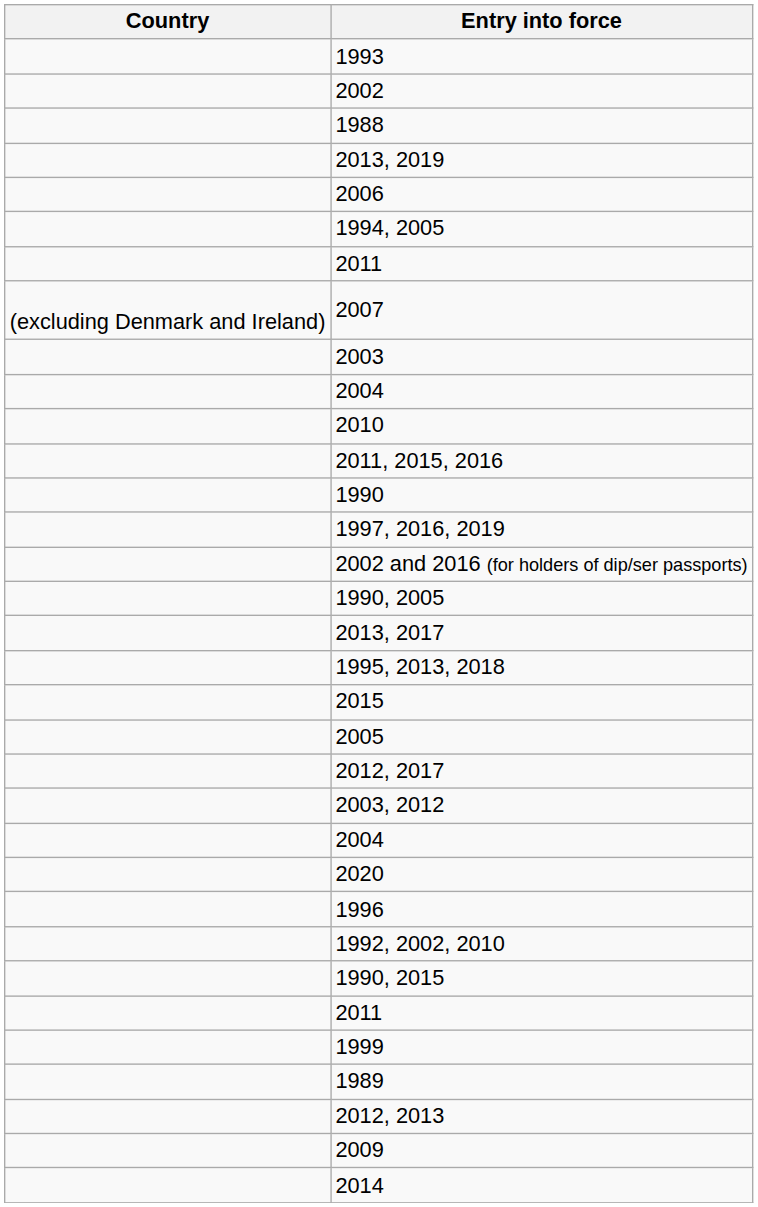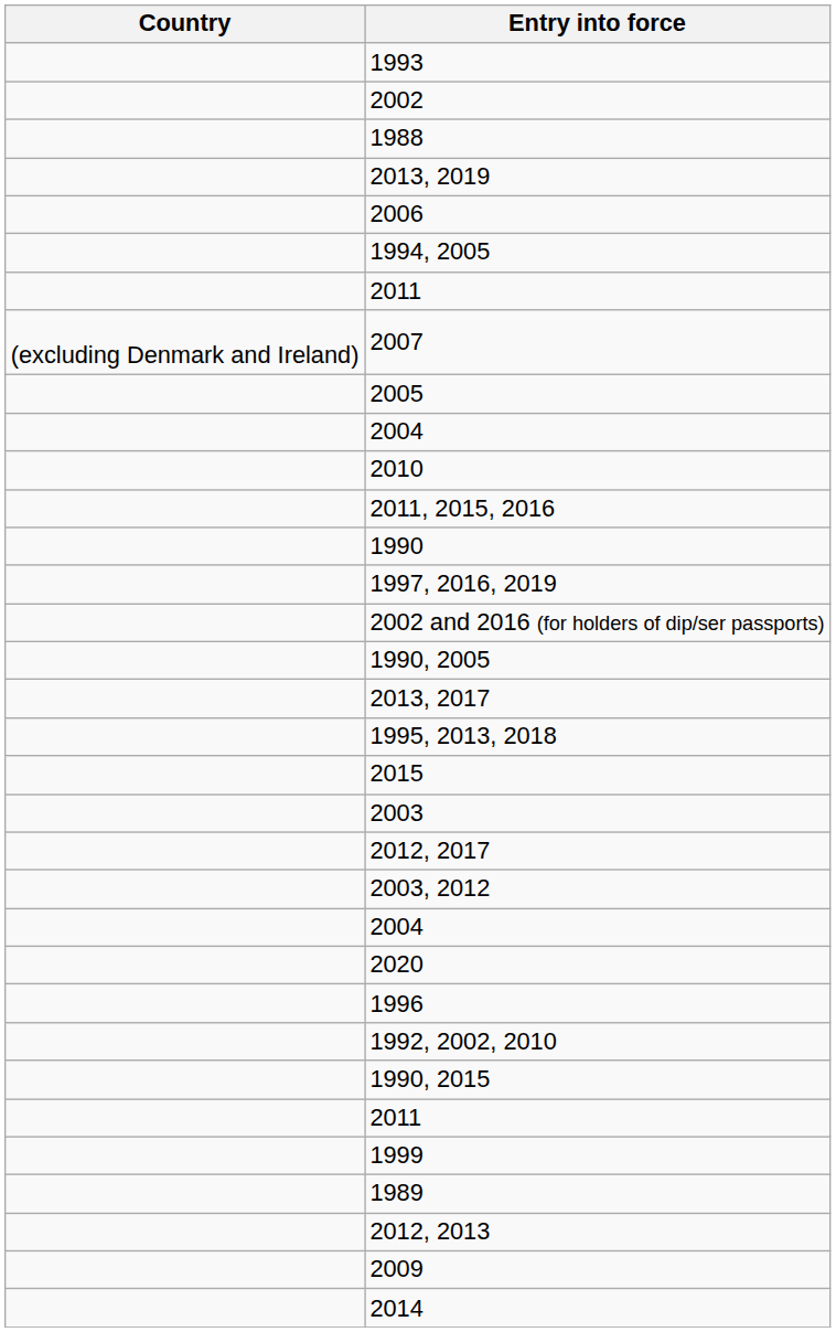 <table class="wikitable collapsible collapsed">
 <tr>
 <th>Country</th>
 <th>Entry into force</th>
 </tr>
 <tr>
 <td></td>
 <td>1993</td>
 </tr>
 <tr>
 <td></td>
 <td>2002</td>
 </tr>
 <tr>
 <td></td>
 <td>1988</td>
 </tr>
 <tr>
 <td></td>
 <td>2013, 2019</td>
 </tr>
 <tr>
 <td></td>
 <td>2006</td>
 </tr>
 <tr>
 <td></td>
 <td>1994, 2005</td>
 </tr>
 <tr>
 <td></td>
 <td>2011</td>
 </tr>
 <tr>
 <td><br>(excluding Denmark and Ireland)</td>
 <td>2007</td>
 </tr>
 <tr>
 <td></td>
-<td>2003</td>
+<td>2005</td>
 </tr>
 <tr>
 <td></td>
 <td>2004</td>
 </tr>
 <tr>
 <td></td>
 <td>2010</td>
 </tr>
 <tr>
 <td></td>
 <td>2011, 2015, 2016</td>
 </tr>
 <tr>
 <td></td>
 <td>1990</td>
 </tr>
 <tr>
 <td></td>
 <td>1997, 2016, 2019</td>
 </tr>
 <tr>
 <td></td>
 <td>2002 and 2016 <small>(for holders of dip/ser passports)</small></td>
 </tr>
 <tr>
 <td></td>
 <td>1990, 2005</td>
 </tr>
 <tr>
 <td></td>
 <td>2013, 2017</td>
 </tr>
 <tr>
 <td></td>
 <td>1995, 2013, 2018</td>
 </tr>
 <tr>
 <td></td>
 <td>2015</td>
 </tr>
 <tr>
 <td></td>
-<td>2005</td>
+<td>2003</td>
 </tr>
 <tr>
 <td></td>
 <td>2012, 2017</td>
 </tr>
 <tr>
 <td></td>
 <td>2003, 2012</td>
 </tr>
 <tr>
 <td></td>
 <td>2004</td>
 </tr>
 <tr>
 <td></td>
 <td>2020</td>
 </tr>
 <tr>
 <td></td>
 <td>1996</td>
 </tr>
 <tr>
 <td></td>
 <td>1992, 2002, 2010</td>
 </tr>
 <tr>
 <td></td>
 <td>1990, 2015</td>
 </tr>
 <tr>
 <td></td>
 <td>2011</td>
 </tr>
 <tr>
 <td></td>
 <td>1999</td>
 </tr>
 <tr>
 <td></td>
 <td>1989</td>
 </tr>
 <tr>
 <td></td>
 <td>2012, 2013</td>
 </tr>
 <tr>
 <td></td>
 <td>2009</td>
 </tr>
 <tr>
 <td></td>
 <td>2014</td>
 </tr>
 </table>
